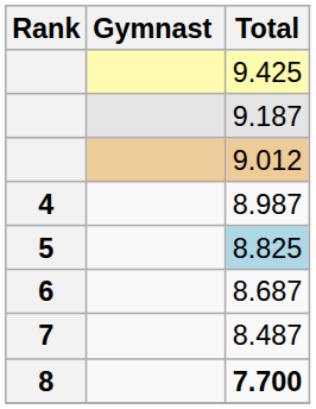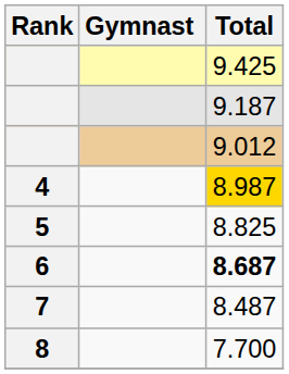 <table class="wikitable sortable" style="text-align:center; font-size:95%">
 <tr>
 <th scope=col>Rank</th>
 <th scope=col>Gymnast </th>
 <th scope=col>Total</th>
 </tr>
 <tr bgcolor=fffcaf>
 <th scope=row style="text-align:center"></th>
 <td align=left> </td>
 <td>9.425</td>
 </tr>
 <tr bgcolor=e5e5e5>
 <th scope=row style="text-align:center"></th>
 <td align=left> </td>
 <td>9.187</td>
 </tr>
 <tr bgcolor=eecc99>
 <th scope=row style="text-align:center"></th>
 <td align=left> </td>
 <td>9.012</td>
 </tr>
 <tr>
 <th scope=row style="text-align:center">4</th>
 <td align=left> </td>
-<td>8.987</td>
+<td style="background: gold;">8.987</td>
 </tr>
 <tr>
 <th scope=row style="text-align:center">5</th>
 <td align=left> </td>
-<td style="background: lightblue;">8.825</td>
+<td>8.825</td>
 </tr>
 <tr>
 <th scope=row style="text-align:center">6</th>
 <td align=left> </td>
-<td>8.687</td>
+<td><strong>8.687</strong></td>
 </tr>
 <tr>
 <th scope=row style="text-align:center">7</th>
 <td align=left> </td>
 <td>8.487</td>
 </tr>
 <tr>
 <th scope=row style="text-align:center">8</th>
 <td align=left> </td>
-<td><strong>7.700</strong></td>
+<td>7.700</td>
 </tr>
 <tr>
 </tr>
 </table>
